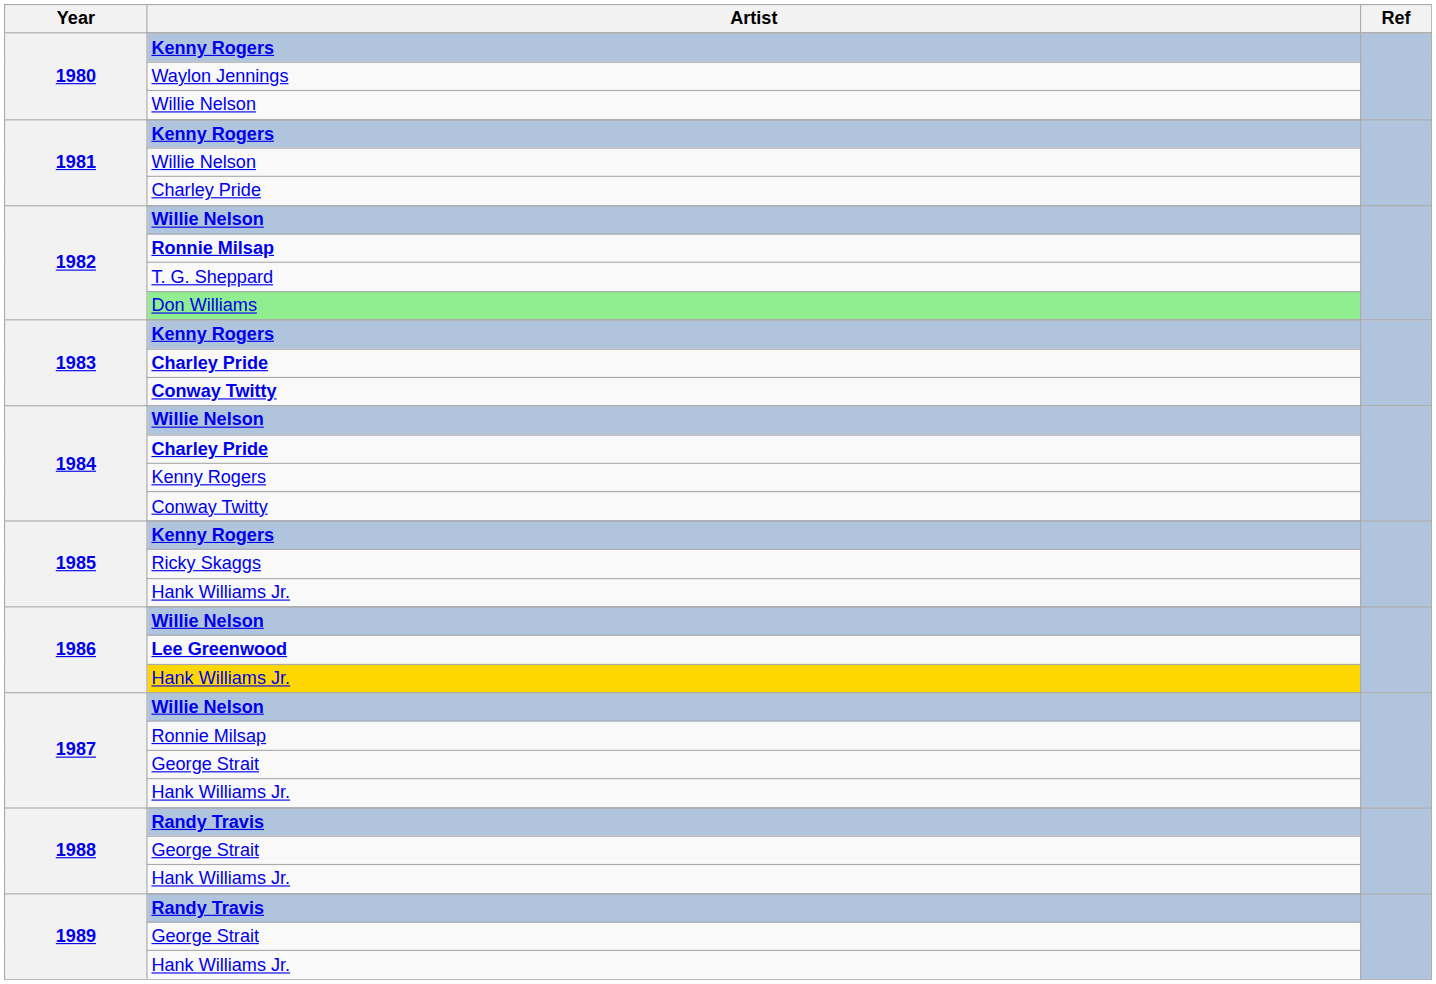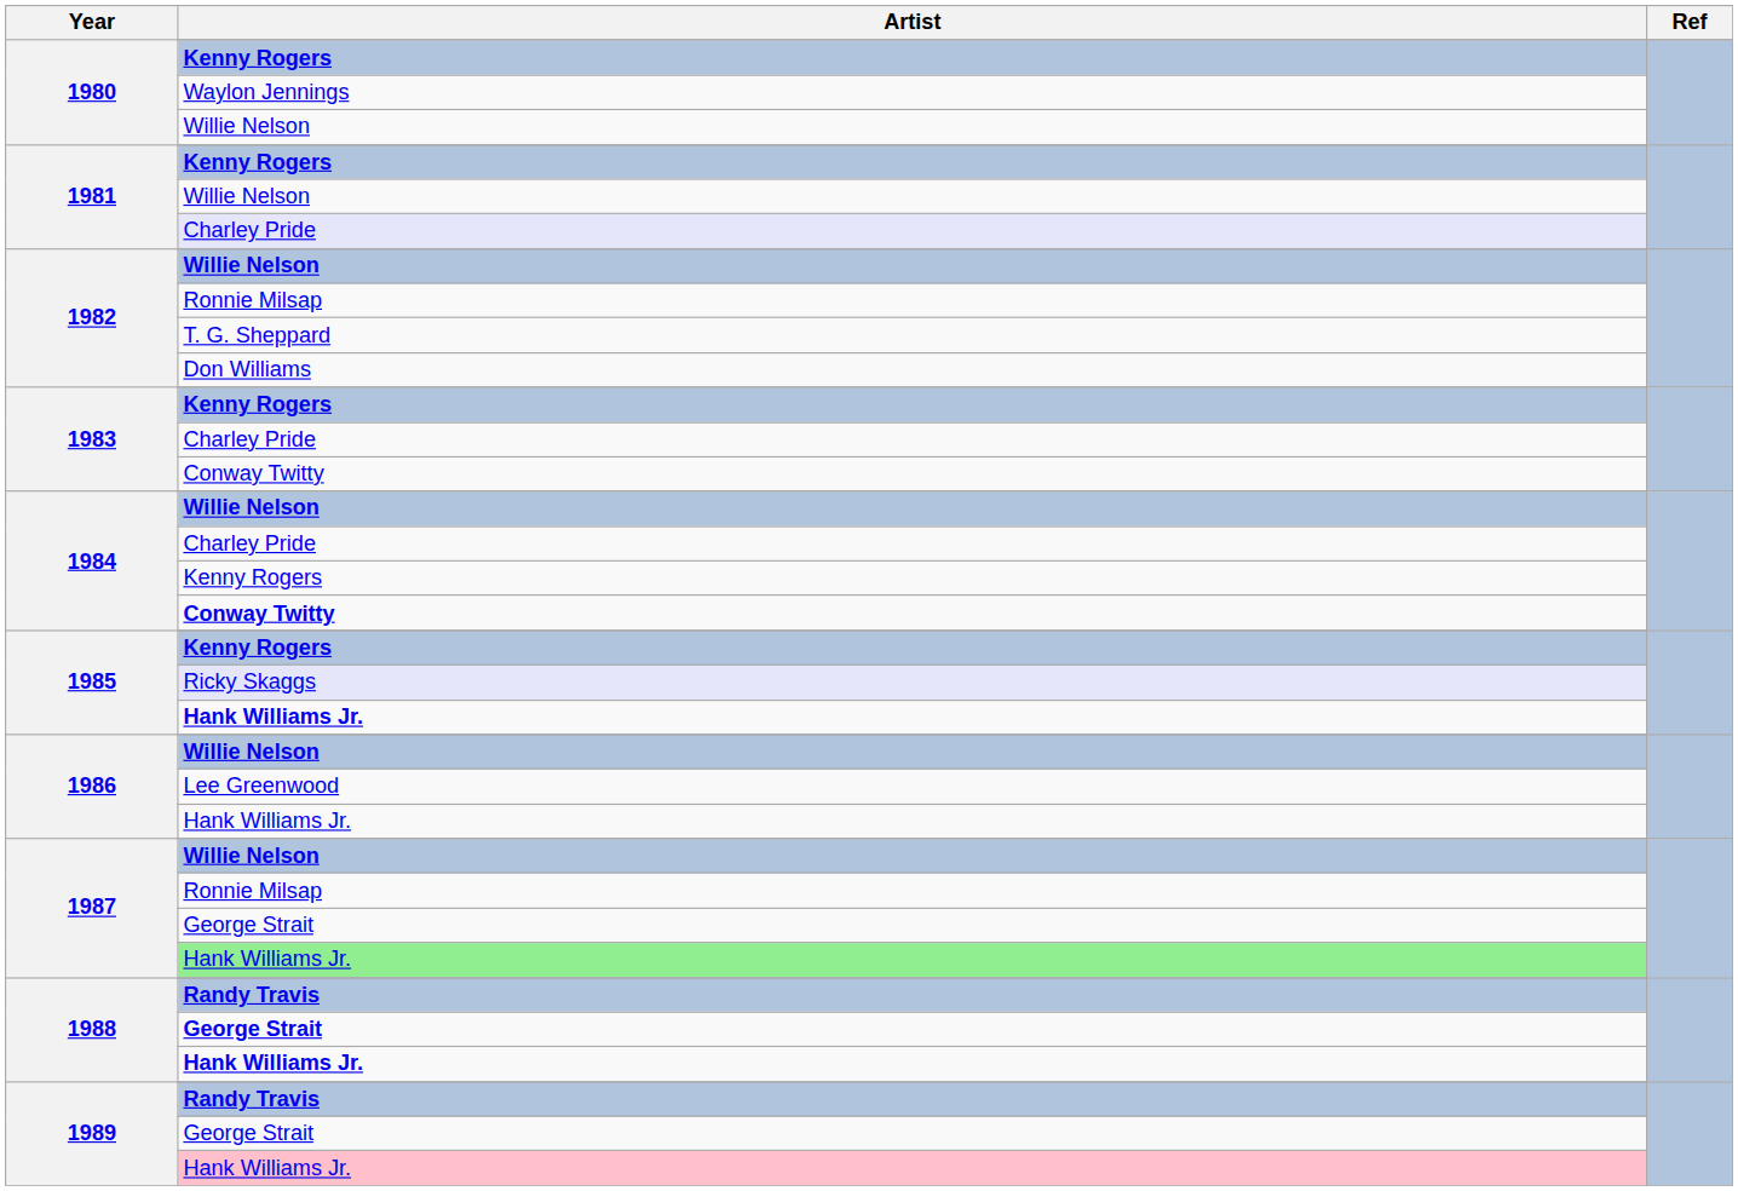 <table class="wikitable" width="100%">
 <tr>
 <th width="10%">Year</th>
 <th width="85%">Artist</th>
 <th width="5%">Ref</th>
 </tr>
 <tr>
 <th rowspan="4" align="center"><a href='#'>1980<br></a></th>
 </tr>
 <tr style="background:#B0C4DE">
 <td><strong><a href='#'>Kenny Rogers</a></strong></td>
 <td rowspan="4" align="center"></td>
 </tr>
 <tr>
 <td><a href='#'>Waylon Jennings</a></td>
 </tr>
 <tr>
 <td><a href='#'>Willie Nelson</a></td>
 </tr>
 <tr>
 <th rowspan="4" align="center"><a href='#'>1981<br></a></th>
 </tr>
 <tr style="background:#B0C4DE">
 <td><strong><a href='#'>Kenny Rogers</a></strong></td>
 <td rowspan="4" align="center"></td>
 </tr>
 <tr>
 <td><a href='#'>Willie Nelson</a></td>
 </tr>
 <tr>
-<td><a href='#'>Charley Pride</a></td>
+<td style="background: lavender;"><a href='#'>Charley Pride</a></td>
 </tr>
 <tr>
 <th rowspan="5" align="center"><a href='#'>1982<br></a></th>
 </tr>
 <tr style="background:#B0C4DE">
 <td><strong><a href='#'>Willie Nelson</a></strong></td>
 <td rowspan="5" align="center"></td>
 </tr>
 <tr>
-<td><strong><a href='#'>Ronnie Milsap</a></strong></td>
+<td><a href='#'>Ronnie Milsap</a></td>
 </tr>
 <tr>
 <td><a href='#'>T. G. Sheppard</a></td>
 </tr>
 <tr>
-<td style="background: lightgreen;"><a href='#'>Don Williams</a></td>
+<td><a href='#'>Don Williams</a></td>
 </tr>
 <tr>
 <th rowspan="4" align="center"><a href='#'>1983<br></a></th>
 </tr>
 <tr style="background:#B0C4DE">
 <td><strong><a href='#'>Kenny Rogers</a></strong></td>
 <td rowspan="4" align="center"></td>
 </tr>
 <tr>
-<td><strong><a href='#'>Charley Pride</a></strong></td>
+<td><a href='#'>Charley Pride</a></td>
 </tr>
 <tr>
-<td><strong><a href='#'>Conway Twitty</a></strong></td>
+<td><a href='#'>Conway Twitty</a></td>
 </tr>
 <tr>
 <th rowspan="5" align="center"><a href='#'>1984<br></a></th>
 </tr>
 <tr style="background:#B0C4DE">
 <td><strong><a href='#'>Willie Nelson</a></strong></td>
 <td rowspan="5" align="center"></td>
 </tr>
 <tr>
-<td><strong><a href='#'>Charley Pride</a></strong></td>
+<td><a href='#'>Charley Pride</a></td>
 </tr>
 <tr>
 <td><a href='#'>Kenny Rogers</a></td>
 </tr>
 <tr>
-<td><a href='#'>Conway Twitty</a></td>
+<td><strong><a href='#'>Conway Twitty</a></strong></td>
 </tr>
 <tr>
 <th rowspan="4" align="center"><a href='#'>1985<br></a></th>
 </tr>
 <tr style="background:#B0C4DE">
 <td><strong><a href='#'>Kenny Rogers</a></strong></td>
 <td rowspan="4" align="center"></td>
 </tr>
 <tr>
-<td><a href='#'>Ricky Skaggs</a></td>
+<td style="background: lavender;"><a href='#'>Ricky Skaggs</a></td>
 </tr>
 <tr>
-<td><a href='#'>Hank Williams Jr.</a></td>
+<td><strong><a href='#'>Hank Williams Jr.</a></strong></td>
 </tr>
 <tr>
 <th rowspan="4" align="center"><a href='#'>1986<br></a></th>
 </tr>
 <tr style="background:#B0C4DE">
 <td><strong><a href='#'>Willie Nelson</a></strong></td>
 <td rowspan="4" align="center"></td>
 </tr>
 <tr>
-<td><strong><a href='#'>Lee Greenwood</a></strong></td>
+<td><a href='#'>Lee Greenwood</a></td>
 </tr>
 <tr>
-<td style="background: gold;"><a href='#'>Hank Williams Jr.</a></td>
+<td><a href='#'>Hank Williams Jr.</a></td>
 </tr>
 <tr>
 <th rowspan="5" align="center"><a href='#'>1987<br></a></th>
 </tr>
 <tr style="background:#B0C4DE">
 <td><strong><a href='#'>Willie Nelson</a></strong></td>
 <td rowspan="5" align="center"></td>
 </tr>
 <tr>
 <td><a href='#'>Ronnie Milsap</a></td>
 </tr>
 <tr>
 <td><a href='#'>George Strait</a></td>
 </tr>
 <tr>
-<td><a href='#'>Hank Williams Jr.</a></td>
+<td style="background: lightgreen;"><a href='#'>Hank Williams Jr.</a></td>
 </tr>
 <tr>
 <th rowspan="4" align="center"><a href='#'>1988<br></a></th>
 </tr>
 <tr style="background:#B0C4DE">
 <td><strong><a href='#'>Randy Travis</a></strong></td>
 <td rowspan="4" align="center"></td>
 </tr>
 <tr>
-<td><a href='#'>George Strait</a></td>
+<td><strong><a href='#'>George Strait</a></strong></td>
 </tr>
 <tr>
-<td><a href='#'>Hank Williams Jr.</a></td>
+<td><strong><a href='#'>Hank Williams Jr.</a></strong></td>
 </tr>
 <tr>
 <th rowspan="4" align="center"><a href='#'>1989<br></a></th>
 </tr>
 <tr style="background:#B0C4DE">
 <td><strong><a href='#'>Randy Travis</a></strong></td>
 <td rowspan="4" align="center"></td>
 </tr>
 <tr>
 <td><a href='#'>George Strait</a></td>
 </tr>
 <tr>
-<td><a href='#'>Hank Williams Jr.</a></td>
+<td style="background: pink;"><a href='#'>Hank Williams Jr.</a></td>
 </tr>
 </table>
